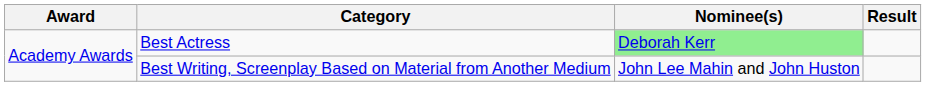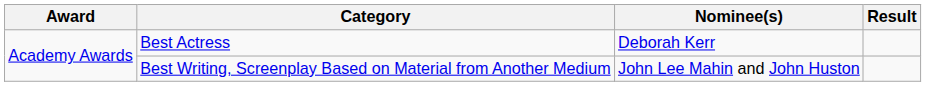 <table class="wikitable plainrowheaders">
 <tr>
 <th>Award</th>
 <th>Category</th>
 <th>Nominee(s)</th>
 <th>Result</th>
 </tr>
 <tr>
 <td rowspan="6"><a href='#'>Academy Awards</a></td>
 <td><a href='#'>Best Actress</a></td>
-<td style="background: lightgreen;"><a href='#'>Deborah Kerr</a></td>
+<td><a href='#'>Deborah Kerr</a></td>
 <td></td>
 </tr>
 <tr>
 <td><a href='#'>Best Writing, Screenplay Based on Material from Another Medium</a></td>
 <td><a href='#'>John Lee Mahin</a> and <a href='#'>John Huston</a></td>
 <td></td>
 </tr>
 </table>
